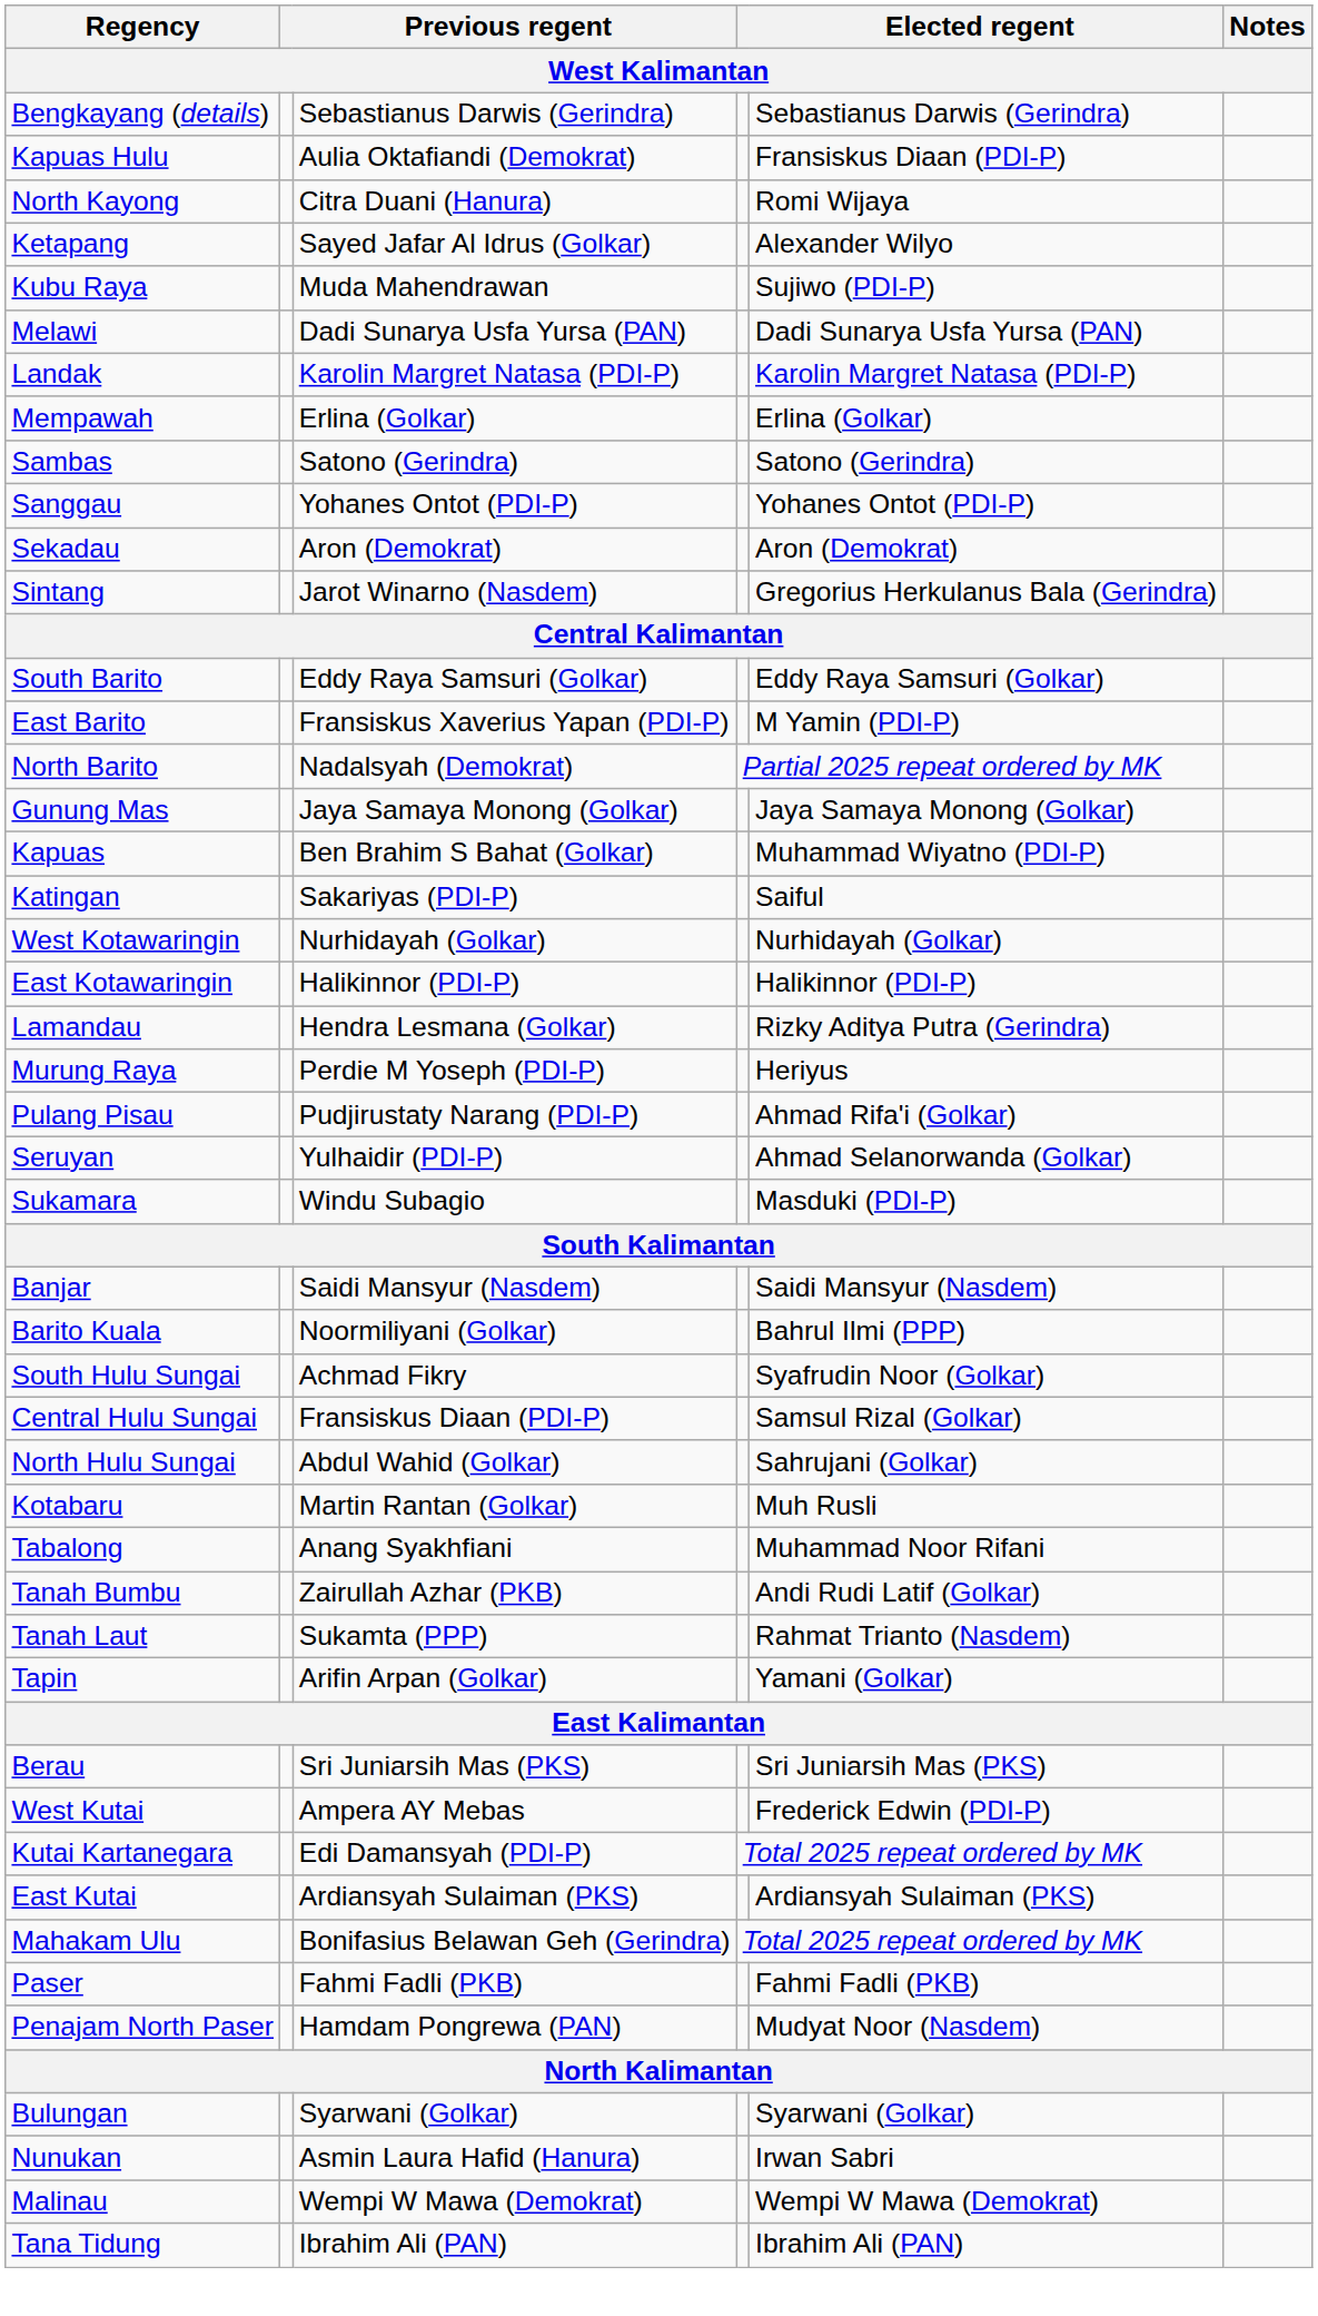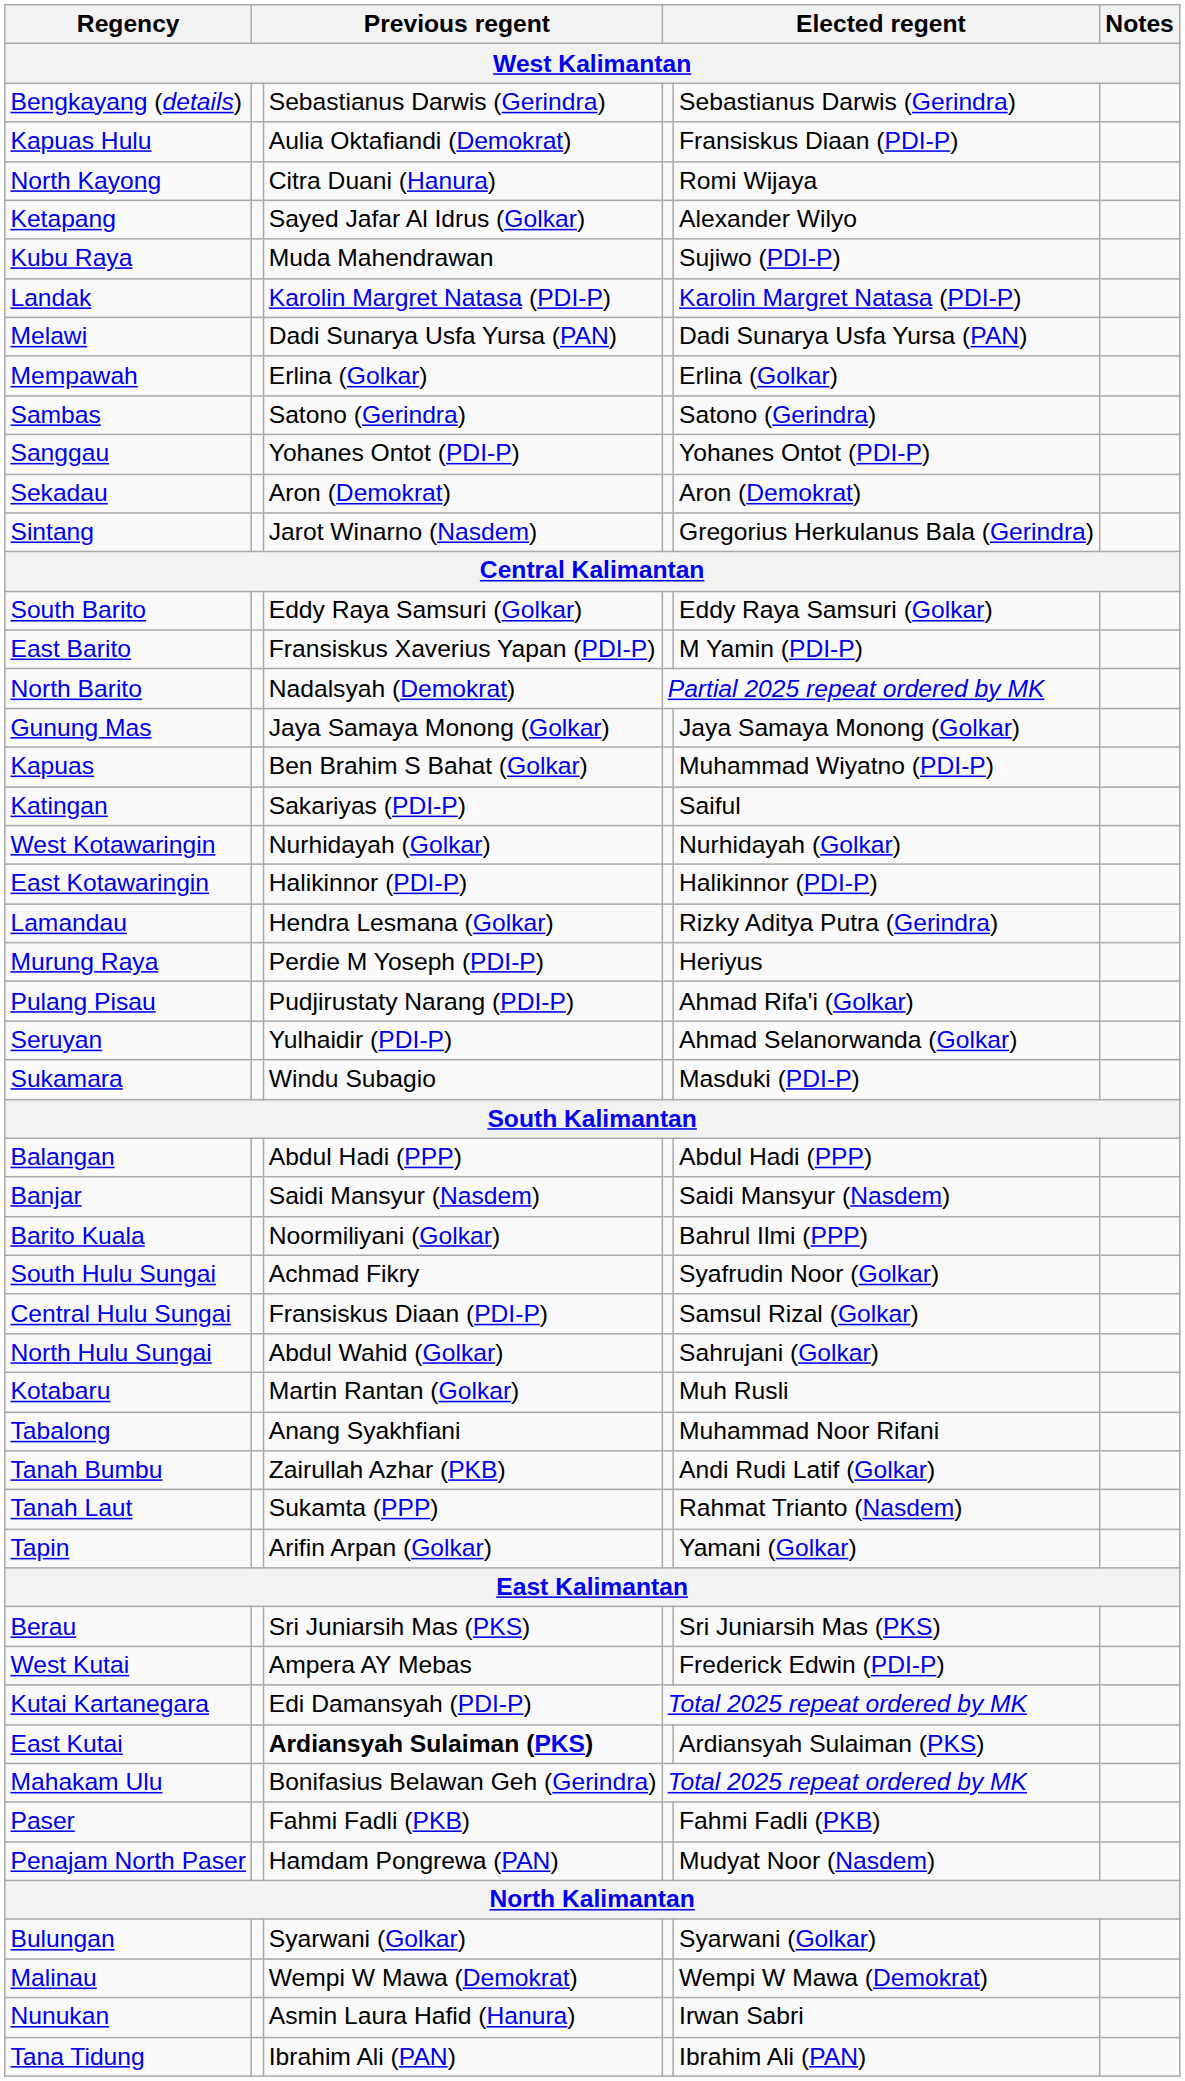 <table class="wikitable">
 <tr>
 <th>Regency</th>
 <th colspan=2>Previous regent</th>
 <th colspan=2>Elected regent</th>
 <th>Notes</th>
 </tr>
 <tr>
 <th colspan=6><a href='#'>West Kalimantan</a></th>
 </tr>
 <tr>
 <td><a href='#'>Bengkayang</a> (<em><a href='#'>details</a></em>)</td>
 <td style="background:"></td>
 <td>Sebastianus Darwis (<a href='#'>Gerindra</a>)</td>
 <td style="background:"></td>
 <td>Sebastianus Darwis (<a href='#'>Gerindra</a>)</td>
 <td></td>
 </tr>
 <tr>
 <td><a href='#'>Kapuas Hulu</a></td>
 <td style="background:"></td>
 <td>Aulia Oktafiandi (<a href='#'>Demokrat</a>)</td>
 <td style="background:"></td>
 <td>Fransiskus Diaan (<a href='#'>PDI-P</a>)</td>
 <td></td>
 </tr>
 <tr>
 <td><a href='#'>North Kayong</a></td>
 <td style="background:"></td>
 <td>Citra Duani (<a href='#'>Hanura</a>)</td>
 <td style="background:"></td>
 <td>Romi Wijaya</td>
 <td></td>
 </tr>
 <tr>
 <td><a href='#'>Ketapang</a></td>
 <td style="background:"></td>
 <td>Sayed Jafar Al Idrus (<a href='#'>Golkar</a>)</td>
 <td style="background:"></td>
 <td>Alexander Wilyo</td>
 <td></td>
 </tr>
 <tr>
 <td><a href='#'>Kubu Raya</a></td>
 <td style="background:"></td>
 <td>Muda Mahendrawan</td>
 <td style="background:"></td>
 <td>Sujiwo (<a href='#'>PDI-P</a>)</td>
 <td></td>
 </tr>
 <tr>
+<td><a href='#'>Landak</a></td>
+<td style="background:"></td>
+<td><a href='#'>Karolin Margret Natasa</a> (<a href='#'>PDI-P</a>)</td>
+<td style="background:"></td>
+<td><a href='#'>Karolin Margret Natasa</a> (<a href='#'>PDI-P</a>)</td>
+<td></td>
+</tr>
+<tr>
 <td><a href='#'>Melawi</a></td>
 <td style="background:"></td>
 <td>Dadi Sunarya Usfa Yursa (<a href='#'>PAN</a>)</td>
 <td style="background:"></td>
 <td>Dadi Sunarya Usfa Yursa (<a href='#'>PAN</a>)</td>
-<td></td>
-</tr>
-<tr>
-<td><a href='#'>Landak</a></td>
-<td style="background:"></td>
-<td><a href='#'>Karolin Margret Natasa</a> (<a href='#'>PDI-P</a>)</td>
-<td style="background:"></td>
-<td><a href='#'>Karolin Margret Natasa</a> (<a href='#'>PDI-P</a>)</td>
 <td></td>
 </tr>
 <tr>
 <td><a href='#'>Mempawah</a></td>
 <td style="background:"></td>
 <td>Erlina (<a href='#'>Golkar</a>)</td>
 <td style="background:"></td>
 <td>Erlina (<a href='#'>Golkar</a>)</td>
 <td></td>
 </tr>
 <tr>
 <td><a href='#'>Sambas</a></td>
 <td style="background:"></td>
 <td>Satono (<a href='#'>Gerindra</a>)</td>
 <td style="background:"></td>
 <td>Satono (<a href='#'>Gerindra</a>)</td>
 <td></td>
 </tr>
 <tr>
 <td><a href='#'>Sanggau</a></td>
 <td style="background:"></td>
 <td>Yohanes Ontot (<a href='#'>PDI-P</a>)</td>
 <td style="background:"></td>
 <td>Yohanes Ontot (<a href='#'>PDI-P</a>)</td>
 <td></td>
 </tr>
 <tr>
 <td><a href='#'>Sekadau</a></td>
 <td style="background:"></td>
 <td>Aron (<a href='#'>Demokrat</a>)</td>
 <td style="background:"></td>
 <td>Aron (<a href='#'>Demokrat</a>)</td>
 <td></td>
 </tr>
 <tr>
 <td><a href='#'>Sintang</a></td>
 <td style="background:"></td>
 <td>Jarot Winarno (<a href='#'>Nasdem</a>)</td>
 <td style="background:"></td>
 <td>Gregorius Herkulanus Bala (<a href='#'>Gerindra</a>)</td>
 <td></td>
 </tr>
 <tr>
 <th colspan=6><a href='#'>Central Kalimantan</a></th>
 </tr>
 <tr>
 <td><a href='#'>South Barito</a></td>
 <td style="background:"></td>
 <td>Eddy Raya Samsuri (<a href='#'>Golkar</a>)</td>
 <td style="background:"></td>
 <td>Eddy Raya Samsuri (<a href='#'>Golkar</a>)</td>
 <td></td>
 </tr>
 <tr>
 <td><a href='#'>East Barito</a></td>
 <td style="background:"></td>
 <td>Fransiskus Xaverius Yapan (<a href='#'>PDI-P</a>)</td>
 <td style="background:"></td>
 <td>M Yamin (<a href='#'>PDI-P</a>)</td>
 <td></td>
 </tr>
 <tr>
 <td><a href='#'>North Barito</a></td>
 <td style="background:"></td>
 <td>Nadalsyah (<a href='#'>Demokrat</a>)</td>
 <td colspan=2><em><a href='#'>Partial 2025 repeat ordered by MK</a></em></td>
 <td></td>
 </tr>
 <tr>
 <td><a href='#'>Gunung Mas</a></td>
 <td style="background:"></td>
 <td>Jaya Samaya Monong (<a href='#'>Golkar</a>)</td>
 <td style="background:"></td>
 <td>Jaya Samaya Monong (<a href='#'>Golkar</a>)</td>
 <td></td>
 </tr>
 <tr>
 <td><a href='#'>Kapuas</a></td>
 <td style="background:"></td>
 <td>Ben Brahim S Bahat (<a href='#'>Golkar</a>)</td>
 <td style="background:"></td>
 <td>Muhammad Wiyatno (<a href='#'>PDI-P</a>)</td>
 <td></td>
 </tr>
 <tr>
 <td><a href='#'>Katingan</a></td>
 <td style="background:"></td>
 <td>Sakariyas (<a href='#'>PDI-P</a>)</td>
 <td style="background:"></td>
 <td>Saiful</td>
 <td></td>
 </tr>
 <tr>
 <td><a href='#'>West Kotawaringin</a></td>
 <td style="background:"></td>
 <td>Nurhidayah (<a href='#'>Golkar</a>)</td>
 <td style="background:"></td>
 <td>Nurhidayah (<a href='#'>Golkar</a>)</td>
 <td></td>
 </tr>
 <tr>
 <td><a href='#'>East Kotawaringin</a></td>
 <td style="background:"></td>
 <td>Halikinnor (<a href='#'>PDI-P</a>)</td>
 <td style="background:"></td>
 <td>Halikinnor (<a href='#'>PDI-P</a>)</td>
 <td></td>
 </tr>
 <tr>
 <td><a href='#'>Lamandau</a></td>
 <td style="background:"></td>
 <td>Hendra Lesmana (<a href='#'>Golkar</a>)</td>
 <td style="background:"></td>
 <td>Rizky Aditya Putra (<a href='#'>Gerindra</a>)</td>
 <td></td>
 </tr>
 <tr>
 <td><a href='#'>Murung Raya</a></td>
 <td style="background:"></td>
 <td>Perdie M Yoseph (<a href='#'>PDI-P</a>)</td>
 <td style="background:"></td>
 <td>Heriyus</td>
 <td></td>
 </tr>
 <tr>
 <td><a href='#'>Pulang Pisau</a></td>
 <td style="background:"></td>
 <td>Pudjirustaty Narang (<a href='#'>PDI-P</a>)</td>
 <td style="background:"></td>
 <td>Ahmad Rifa'i (<a href='#'>Golkar</a>)</td>
 <td></td>
 </tr>
 <tr>
 <td><a href='#'>Seruyan</a></td>
 <td style="background:"></td>
 <td>Yulhaidir (<a href='#'>PDI-P</a>)</td>
 <td style="background:"></td>
 <td>Ahmad Selanorwanda (<a href='#'>Golkar</a>)</td>
 <td></td>
 </tr>
 <tr>
 <td><a href='#'>Sukamara</a></td>
 <td style="background:"></td>
 <td>Windu Subagio</td>
 <td style="background:"></td>
 <td>Masduki (<a href='#'>PDI-P</a>)</td>
 <td></td>
 </tr>
 <tr>
 <th colspan=6><a href='#'>South Kalimantan</a></th>
 </tr>
 <tr>
+<td><a href='#'>Balangan</a></td>
+<td style="background:"></td>
+<td>Abdul Hadi (<a href='#'>PPP</a>)</td>
+<td style="background:"></td>
+<td>Abdul Hadi (<a href='#'>PPP</a>)</td>
+<td></td>
+</tr>
+<tr>
 <td><a href='#'>Banjar</a></td>
 <td style="background:"></td>
 <td>Saidi Mansyur (<a href='#'>Nasdem</a>)</td>
 <td style="background:"></td>
 <td>Saidi Mansyur (<a href='#'>Nasdem</a>)</td>
 <td></td>
 </tr>
 <tr>
 <td><a href='#'>Barito Kuala</a></td>
 <td style="background:"></td>
 <td>Noormiliyani (<a href='#'>Golkar</a>)</td>
 <td style="background:"></td>
 <td>Bahrul Ilmi (<a href='#'>PPP</a>)</td>
 <td></td>
 </tr>
 <tr>
 <td><a href='#'>South Hulu Sungai</a></td>
 <td style="background:"></td>
 <td>Achmad Fikry</td>
 <td style="background:"></td>
 <td>Syafrudin Noor (<a href='#'>Golkar</a>)</td>
 <td></td>
 </tr>
 <tr>
 <td><a href='#'>Central Hulu Sungai</a></td>
 <td style="background:"></td>
 <td>Fransiskus Diaan (<a href='#'>PDI-P</a>)</td>
 <td style="background:"></td>
 <td>Samsul Rizal (<a href='#'>Golkar</a>)</td>
 <td></td>
 </tr>
 <tr>
 <td><a href='#'>North Hulu Sungai</a></td>
 <td style="background:"></td>
 <td>Abdul Wahid (<a href='#'>Golkar</a>)</td>
 <td style="background:"></td>
 <td>Sahrujani (<a href='#'>Golkar</a>)</td>
 <td></td>
 </tr>
 <tr>
 <td><a href='#'>Kotabaru</a></td>
 <td style="background:"></td>
 <td>Martin Rantan (<a href='#'>Golkar</a>)</td>
 <td style="background:"></td>
 <td>Muh Rusli</td>
 <td></td>
 </tr>
 <tr>
 <td><a href='#'>Tabalong</a></td>
 <td style="background:"></td>
 <td>Anang Syakhfiani</td>
 <td style="background:"></td>
 <td>Muhammad Noor Rifani</td>
 <td></td>
 </tr>
 <tr>
 <td><a href='#'>Tanah Bumbu</a></td>
 <td style="background:"></td>
 <td>Zairullah Azhar (<a href='#'>PKB</a>)</td>
 <td style="background:"></td>
 <td>Andi Rudi Latif (<a href='#'>Golkar</a>)</td>
 <td></td>
 </tr>
 <tr>
 <td><a href='#'>Tanah Laut</a></td>
 <td style="background:"></td>
 <td>Sukamta (<a href='#'>PPP</a>)</td>
 <td style="background:"></td>
 <td>Rahmat Trianto (<a href='#'>Nasdem</a>)</td>
 <td></td>
 </tr>
 <tr>
 <td><a href='#'>Tapin</a></td>
 <td style="background:"></td>
 <td>Arifin Arpan (<a href='#'>Golkar</a>)</td>
 <td style="background:"></td>
 <td>Yamani (<a href='#'>Golkar</a>)</td>
 <td></td>
 </tr>
 <tr>
 <th colspan=6><a href='#'>East Kalimantan</a></th>
 </tr>
 <tr>
 <td><a href='#'>Berau</a></td>
 <td style="background:"></td>
 <td>Sri Juniarsih Mas (<a href='#'>PKS</a>)</td>
 <td style="background:"></td>
 <td>Sri Juniarsih Mas (<a href='#'>PKS</a>)</td>
 <td></td>
 </tr>
 <tr>
 <td><a href='#'>West Kutai</a></td>
 <td style="background:"></td>
 <td>Ampera AY Mebas</td>
 <td style="background:"></td>
 <td>Frederick Edwin (<a href='#'>PDI-P</a>)</td>
 <td></td>
 </tr>
 <tr>
 <td><a href='#'>Kutai Kartanegara</a></td>
 <td style="background:"></td>
 <td>Edi Damansyah (<a href='#'>PDI-P</a>)</td>
 <td colspan=2><em><a href='#'>Total 2025 repeat ordered by MK</a></em></td>
 <td></td>
 </tr>
 <tr>
 <td><a href='#'>East Kutai</a></td>
 <td style="background:"></td>
-<td>Ardiansyah Sulaiman (<a href='#'>PKS</a>)</td>
+<td><strong>Ardiansyah Sulaiman (<a href='#'>PKS</a>)</strong></td>
 <td style="background:"></td>
 <td>Ardiansyah Sulaiman (<a href='#'>PKS</a>)</td>
 <td></td>
 </tr>
 <tr>
 <td><a href='#'>Mahakam Ulu</a></td>
 <td style="background:"></td>
 <td>Bonifasius Belawan Geh (<a href='#'>Gerindra</a>)</td>
 <td colspan=2><em><a href='#'>Total 2025 repeat ordered by MK</a></em></td>
 <td></td>
 </tr>
 <tr>
 <td><a href='#'>Paser</a></td>
 <td style="background:"></td>
 <td>Fahmi Fadli (<a href='#'>PKB</a>)</td>
 <td style="background:"></td>
 <td>Fahmi Fadli (<a href='#'>PKB</a>)</td>
 <td></td>
 </tr>
 <tr>
 <td><a href='#'>Penajam North Paser</a></td>
 <td style="background:"></td>
 <td>Hamdam Pongrewa (<a href='#'>PAN</a>)</td>
 <td style="background:"></td>
 <td>Mudyat Noor (<a href='#'>Nasdem</a>)</td>
 <td></td>
 </tr>
 <tr>
 <th colspan=6><a href='#'>North Kalimantan</a></th>
 </tr>
 <tr>
 <td><a href='#'>Bulungan</a></td>
 <td style="background:"></td>
 <td>Syarwani (<a href='#'>Golkar</a>)</td>
 <td style="background:"></td>
 <td>Syarwani (<a href='#'>Golkar</a>)</td>
 <td></td>
 </tr>
 <tr>
+<td><a href='#'>Malinau</a></td>
+<td style="background:"></td>
+<td>Wempi W Mawa (<a href='#'>Demokrat</a>)</td>
+<td style="background:"></td>
+<td>Wempi W Mawa (<a href='#'>Demokrat</a>)</td>
+<td></td>
+</tr>
+<tr>
 <td><a href='#'>Nunukan</a></td>
 <td style="background:"></td>
 <td>Asmin Laura Hafid (<a href='#'>Hanura</a>)</td>
 <td style="background:"></td>
 <td>Irwan Sabri</td>
-<td></td>
-</tr>
-<tr>
-<td><a href='#'>Malinau</a></td>
-<td style="background:"></td>
-<td>Wempi W Mawa (<a href='#'>Demokrat</a>)</td>
-<td style="background:"></td>
-<td>Wempi W Mawa (<a href='#'>Demokrat</a>)</td>
 <td></td>
 </tr>
 <tr>
 <td><a href='#'>Tana Tidung</a></td>
 <td style="background:"></td>
 <td>Ibrahim Ali (<a href='#'>PAN</a>)</td>
 <td style="background:"></td>
 <td>Ibrahim Ali (<a href='#'>PAN</a>)</td>
 <td></td>
 </tr>
 </table>
